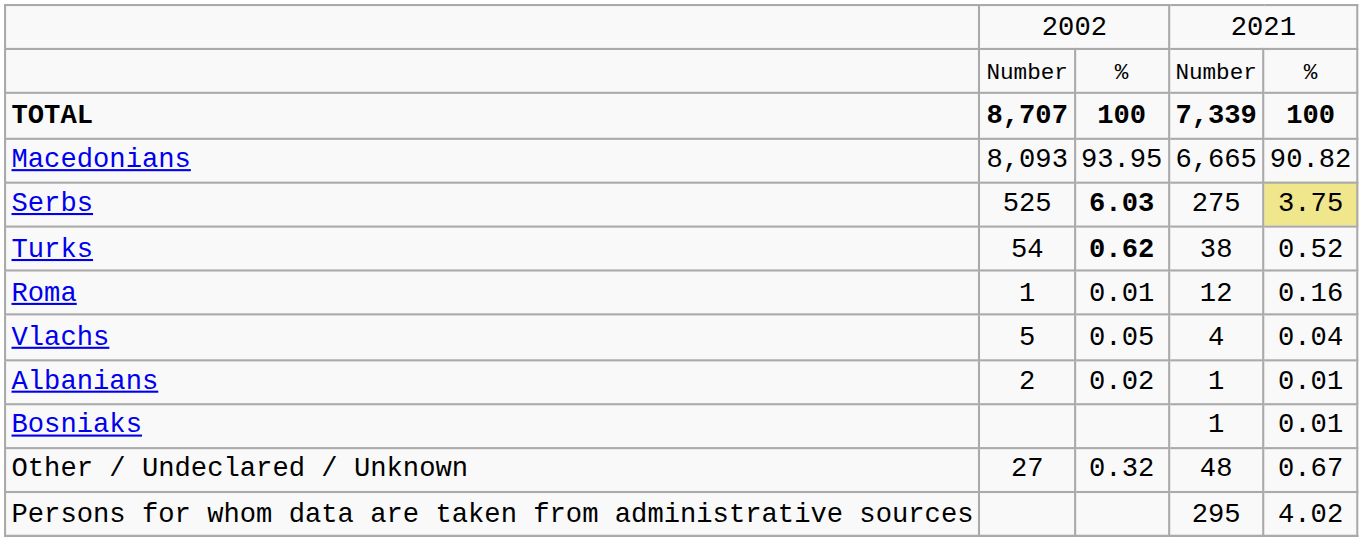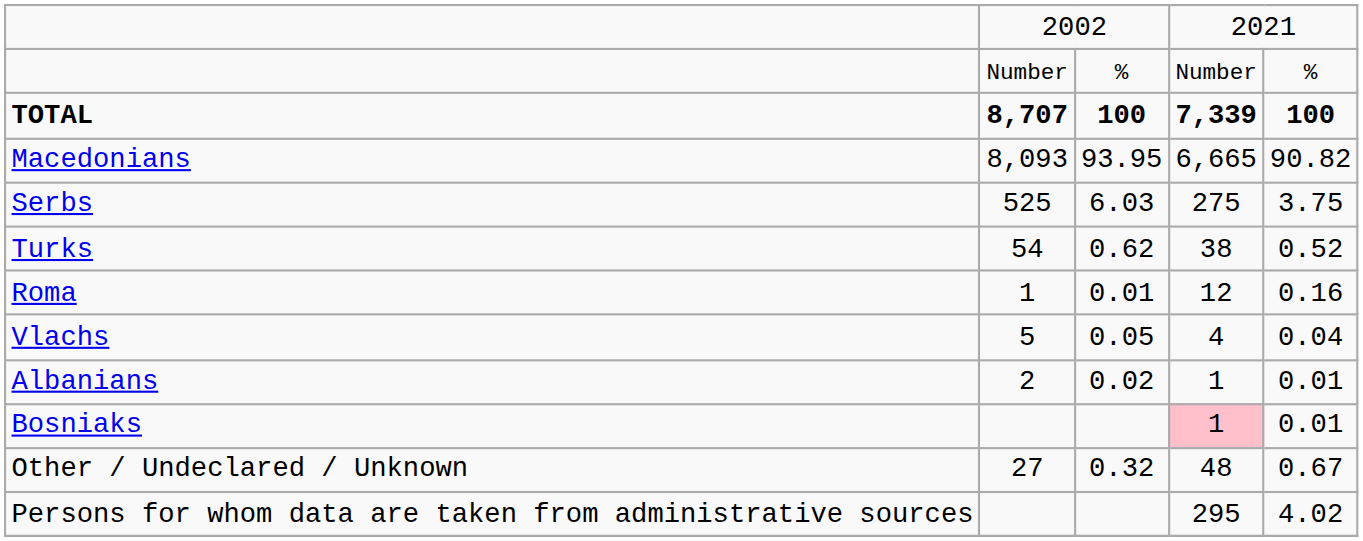 <table class="wikitable">
 <tr>
 <td></td>
 <td colspan="2" align="center">2002</td>
 <td colspan="2" align="center">2021</td>
 </tr>
 <tr>
 <td></td>
 <td align="center"><small>Number</small></td>
 <td align="center"><small>%</small></td>
 <td align="center"><small>Number</small></td>
 <td align="center"><small>%</small></td>
 </tr>
 <tr>
 <td><strong>TOTAL</strong></td>
 <td align="center"><strong>8,707</strong></td>
 <td align="center"><strong>100</strong></td>
 <td align="center"><strong>7,339</strong></td>
 <td align="center"><strong>100</strong></td>
 </tr>
 <tr>
 <td><a href='#'>Macedonians</a></td>
 <td align="center">8,093</td>
 <td align="center">93.95</td>
 <td align="center">6,665</td>
 <td align="center">90.82</td>
 </tr>
 <tr>
 <td><a href='#'>Serbs</a></td>
 <td align="center">525</td>
-<td align="center"><strong>6.03</strong></td>
+<td align="center">6.03</td>
 <td align="center">275</td>
-<td align="center" style="background: khaki;">3.75</td>
+<td align="center">3.75</td>
 </tr>
 <tr>
 <td><a href='#'>Turks</a></td>
 <td align="center">54</td>
-<td align="center"><strong>0.62</strong></td>
+<td align="center">0.62</td>
 <td align="center">38</td>
 <td align="center">0.52</td>
 </tr>
 <tr>
 <td><a href='#'>Roma</a></td>
 <td align="center">1</td>
 <td align="center">0.01</td>
 <td align="center">12</td>
 <td align="center">0.16</td>
 </tr>
 <tr>
 <td><a href='#'>Vlachs</a></td>
 <td align="center">5</td>
 <td align="center">0.05</td>
 <td align="center">4</td>
 <td align="center">0.04</td>
 </tr>
 <tr>
 <td><a href='#'>Albanians</a></td>
 <td align="center">2</td>
 <td align="center">0.02</td>
 <td align="center">1</td>
 <td align="center">0.01</td>
 </tr>
 <tr>
 <td><a href='#'>Bosniaks</a></td>
 <td align="center"></td>
 <td align="center"></td>
-<td align="center">1</td>
+<td align="center" style="background: pink;">1</td>
 <td align="center">0.01</td>
 </tr>
 <tr>
 <td>Other / Undeclared / Unknown</td>
 <td align="center">27</td>
 <td align="center">0.32</td>
 <td align="center">48</td>
 <td align="center">0.67</td>
 </tr>
 <tr>
 <td>Persons for whom data are taken from administrative sources</td>
 <td align="center"></td>
 <td align="center"></td>
 <td align="center">295</td>
 <td align="center">4.02</td>
 </tr>
 <tr>
 </tr>
 </table>
